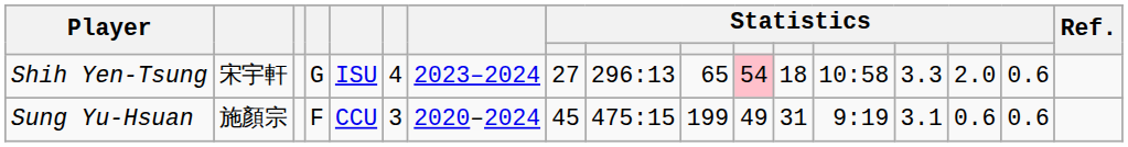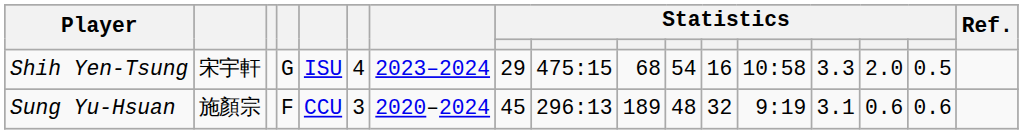 <table class="wikitable sortable" style="font-size:95%; text-align:right;">
 <tr>
 <th rowspan="2">Player</th>
 <th rowspan="2"></th>
 <th rowspan="2"></th>
 <th rowspan="2"></th>
 <th rowspan="2"></th>
 <th rowspan="2"></th>
 <th rowspan="2"></th>
 <th colspan="9">Statistics</th>
 <th rowspan="2">Ref.</th>
 </tr>
 <tr>
 <th></th>
 <th></th>
 <th></th>
 <th></th>
 <th></th>
 <th></th>
 <th></th>
 <th></th>
 <th></th>
 </tr>
 <tr>
 <td align="left"><em>Shih Yen-Tsung</em></td>
 <td align="left">宋宇軒</td>
 <td align="center"></td>
 <td align="center">G</td>
 <td align="left"><a href='#'>ISU</a></td>
 <td align="center">4</td>
 <td align="center"><a href='#'>2023–2024</a></td>
-<td>27</td>
-<td>296:13</td>
-<td>65</td>
-<td style="background: pink;">54</td>
-<td>18</td>
+<td>29</td>
+<td>475:15</td>
+<td>68</td>
+<td>54</td>
+<td>16</td>
 <td>10:58</td>
 <td>3.3</td>
 <td>2.0</td>
-<td>0.6</td>
+<td>0.5</td>
 <td align="center"></td>
 </tr>
 <tr>
 <td align="left"><em>Sung Yu-Hsuan</em></td>
 <td align="left">施顏宗</td>
 <td align="center"></td>
 <td align="center">F</td>
 <td align="left"><a href='#'>CCU</a></td>
 <td align="center">3</td>
 <td align="center"><a href='#'>2020</a>–<a href='#'>2024</a></td>
 <td>45</td>
-<td>475:15</td>
-<td>199</td>
-<td>49</td>
-<td>31</td>
+<td>296:13</td>
+<td>189</td>
+<td>48</td>
+<td>32</td>
 <td>9:19</td>
 <td>3.1</td>
 <td>0.6</td>
 <td>0.6</td>
 <td align="center"></td>
 </tr>
 </table>
